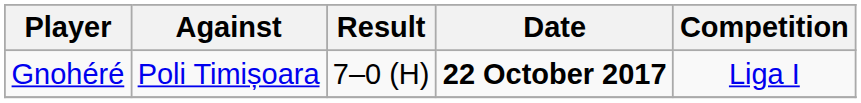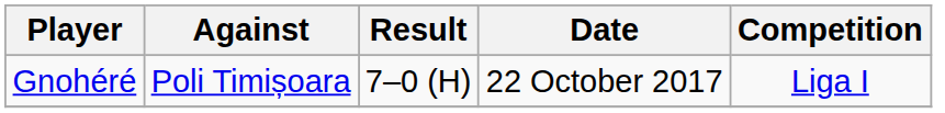 <table class="wikitable sortable">
 <tr>
 <th>Player</th>
 <th>Against</th>
 <th>Result</th>
 <th>Date</th>
 <th>Competition</th>
 </tr>
 <tr>
 <td> <a href='#'>Gnohéré</a></td>
 <td> <a href='#'>Poli Timișoara</a></td>
 <td align=center>7–0 (H)</td>
-<td><strong>22 October 2017</strong></td>
+<td>22 October 2017</td>
 <td align=center><a href='#'>Liga I</a></td>
 </tr>
 <tr>
 </tr>
 </table>
